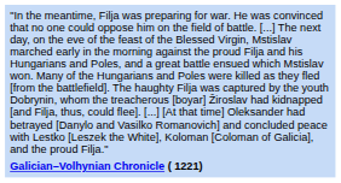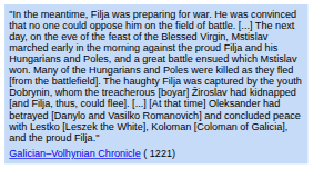 <table class="toccolours" style="float: left; margin-left: 2em; margin-right: 1em; font-size: 85%; background:#c6dbf7; color:black; width:30em; max-width: 40%;" cellspacing="5">
 <tr>
 <td style="text-align: left;">"In the meantime, Filja was preparing for war. He was convinced that no one could oppose him on the field of battle. [...] The next day, on the eve of the feast of the Blessed Virgin, Mstislav marched early in the morning against the proud Filja and his Hungarians and Poles, and a great battle ensued which Mstislav won. Many of the Hungarians and Poles were killed as they fled [from the battlefield]. The haughty Filja was captured by the youth Dobrynin, whom the treacherous [boyar] Žiroslav had kidnapped [and Filja, thus, could flee]. [...]  [At that time] Oleksander had betrayed [Danylo and Vasilko Romanovich] and concluded peace with Lestko [Leszek the White], Koloman [Coloman of Galicia], and the proud Filja."</td>
 </tr>
 <tr>
-<td style="text-align: left;"><strong><a href='#'>Galician–Volhynian Chronicle</a> ( 1221)</strong></td>
+<td style="text-align: left;"><a href='#'>Galician–Volhynian Chronicle</a> ( 1221)</td>
 </tr>
 </table>
